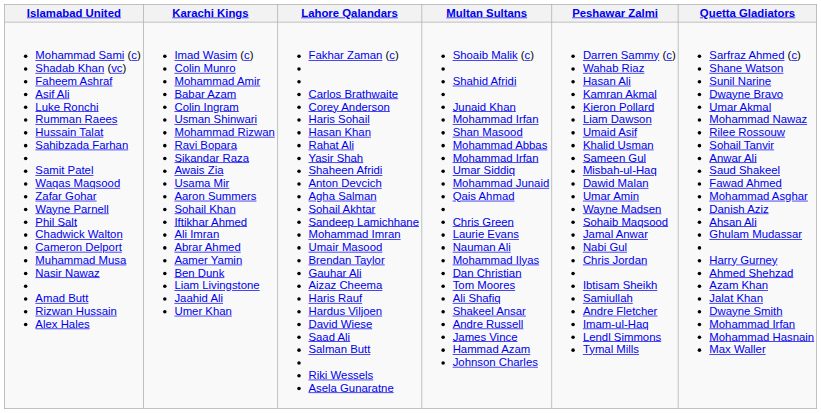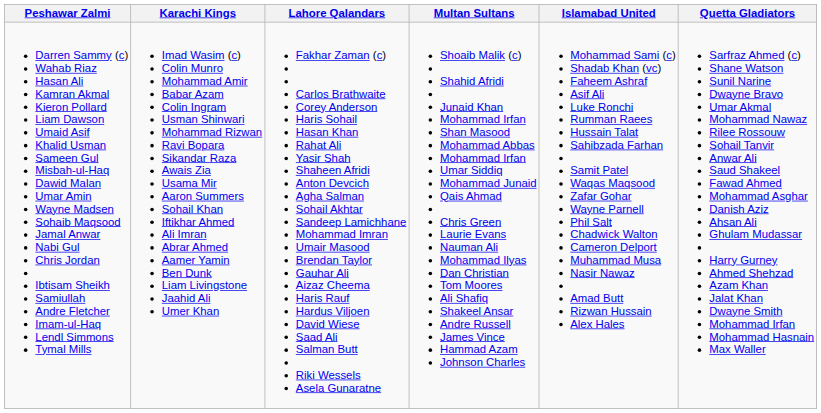 <table class="wikitable">
 <tr>
-<th><a href='#'>Islamabad United</a></th>
+<th><a href='#'>Peshawar Zalmi</a></th>
 <th><a href='#'>Karachi Kings</a></th>
 <th><a href='#'>Lahore Qalandars</a></th>
 <th><a href='#'>Multan Sultans</a></th>
-<th><a href='#'>Peshawar Zalmi</a></th>
+<th><a href='#'>Islamabad United</a></th>
 <th><a href='#'>Quetta Gladiators</a></th>
 </tr>
 <tr>
-<td valign=top><br><ul><li><a href='#'>Mohammad Sami</a> (<a href='#'>c</a>)</li><li><a href='#'>Shadab Khan</a> (<a href='#'>vc</a>)</li><li><a href='#'>Faheem Ashraf</a></li><li><a href='#'>Asif Ali</a></li><li><a href='#'>Luke Ronchi</a></li><li><a href='#'>Rumman Raees</a></li><li><a href='#'>Hussain Talat</a></li><li><a href='#'>Sahibzada Farhan</a></li><li></li><li><a href='#'>Samit Patel</a></li><li><a href='#'>Waqas Maqsood</a></li><li><a href='#'>Zafar Gohar</a></li><li><a href='#'>Wayne Parnell</a></li><li><a href='#'>Phil Salt</a></li><li><a href='#'>Chadwick Walton</a></li><li><a href='#'>Cameron Delport</a></li><li><a href='#'>Muhammad Musa</a></li><li><a href='#'>Nasir Nawaz</a></li><li></li><li><a href='#'>Amad Butt</a></li><li><a href='#'>Rizwan Hussain</a></li><li><a href='#'>Alex Hales</a></li></ul></td>
+<td valign=top><br><ul><li><a href='#'>Darren Sammy</a> (<a href='#'>c</a>)</li><li><a href='#'>Wahab Riaz</a></li><li><a href='#'>Hasan Ali</a></li><li><a href='#'>Kamran Akmal</a></li><li><a href='#'>Kieron Pollard</a></li><li><a href='#'>Liam Dawson</a></li><li><a href='#'>Umaid Asif</a></li><li><a href='#'>Khalid Usman</a></li><li><a href='#'>Sameen Gul</a></li><li><a href='#'>Misbah-ul-Haq</a></li><li><a href='#'>Dawid Malan</a></li><li><a href='#'>Umar Amin</a></li><li><a href='#'>Wayne Madsen</a></li><li><a href='#'>Sohaib Maqsood</a></li><li><a href='#'>Jamal Anwar</a></li><li><a href='#'>Nabi Gul</a></li><li><a href='#'>Chris Jordan</a></li><li></li><li><a href='#'>Ibtisam Sheikh</a></li><li><a href='#'>Samiullah</a></li><li><a href='#'>Andre Fletcher</a></li><li><a href='#'>Imam-ul-Haq</a></li><li><a href='#'>Lendl Simmons</a></li><li><a href='#'>Tymal Mills</a></li></ul></td>
 <td valign=top><br><ul><li><a href='#'>Imad Wasim</a> (<a href='#'>c</a>)</li><li><a href='#'>Colin Munro</a></li><li><a href='#'>Mohammad Amir</a></li><li><a href='#'>Babar Azam</a></li><li><a href='#'>Colin Ingram</a></li><li><a href='#'>Usman Shinwari</a></li><li><a href='#'>Mohammad Rizwan</a></li><li><a href='#'>Ravi Bopara</a></li><li><a href='#'>Sikandar Raza</a></li><li><a href='#'>Awais Zia</a></li><li><a href='#'>Usama Mir</a></li><li><a href='#'>Aaron Summers</a></li><li><a href='#'>Sohail Khan</a></li><li><a href='#'>Iftikhar Ahmed</a></li><li><a href='#'>Ali Imran</a></li><li><a href='#'>Abrar Ahmed</a></li><li><a href='#'>Aamer Yamin</a></li><li><a href='#'>Ben Dunk</a></li><li><a href='#'>Liam Livingstone</a></li><li><a href='#'>Jaahid Ali</a></li><li><a href='#'>Umer Khan</a></li></ul></td>
 <td valign=top><br><ul><li><a href='#'>Fakhar Zaman</a> (<a href='#'>c</a>)</li><li></li><li></li><li><a href='#'>Carlos Brathwaite</a></li><li><a href='#'>Corey Anderson</a></li><li><a href='#'>Haris Sohail</a></li><li><a href='#'>Hasan Khan</a></li><li><a href='#'>Rahat Ali</a></li><li><a href='#'>Yasir Shah</a></li><li><a href='#'>Shaheen Afridi</a></li><li><a href='#'>Anton Devcich</a></li><li><a href='#'>Agha Salman</a></li><li><a href='#'>Sohail Akhtar</a></li><li><a href='#'>Sandeep Lamichhane</a></li><li><a href='#'>Mohammad Imran</a></li><li><a href='#'>Umair Masood</a></li><li><a href='#'>Brendan Taylor</a></li><li><a href='#'>Gauhar Ali</a></li><li><a href='#'>Aizaz Cheema</a></li><li><a href='#'>Haris Rauf</a></li><li><a href='#'>Hardus Viljoen</a></li><li><a href='#'>David Wiese</a></li><li><a href='#'>Saad Ali</a></li><li><a href='#'>Salman Butt</a></li><li></li><li><a href='#'>Riki Wessels</a></li><li><a href='#'>Asela Gunaratne</a></li></ul></td>
 <td valign=top><br><ul><li><a href='#'>Shoaib Malik</a> (<a href='#'>c</a>)</li><li></li><li><a href='#'>Shahid Afridi</a></li><li></li><li><a href='#'>Junaid Khan</a></li><li><a href='#'>Mohammad Irfan</a></li><li><a href='#'>Shan Masood</a></li><li><a href='#'>Mohammad Abbas</a></li><li><a href='#'>Mohammad Irfan</a></li><li><a href='#'>Umar Siddiq</a></li><li><a href='#'>Mohammad Junaid</a></li><li><a href='#'>Qais Ahmad</a></li><li></li><li><a href='#'>Chris Green</a></li><li><a href='#'>Laurie Evans</a></li><li><a href='#'>Nauman Ali</a></li><li><a href='#'>Mohammad Ilyas</a></li><li><a href='#'>Dan Christian</a></li><li><a href='#'>Tom Moores</a></li><li><a href='#'>Ali Shafiq</a></li><li><a href='#'>Shakeel Ansar</a></li><li><a href='#'>Andre Russell</a></li><li><a href='#'>James Vince</a></li><li><a href='#'>Hammad Azam</a></li><li><a href='#'>Johnson Charles</a></li></ul></td>
-<td valign=top><br><ul><li><a href='#'>Darren Sammy</a> (<a href='#'>c</a>)</li><li><a href='#'>Wahab Riaz</a></li><li><a href='#'>Hasan Ali</a></li><li><a href='#'>Kamran Akmal</a></li><li><a href='#'>Kieron Pollard</a></li><li><a href='#'>Liam Dawson</a></li><li><a href='#'>Umaid Asif</a></li><li><a href='#'>Khalid Usman</a></li><li><a href='#'>Sameen Gul</a></li><li><a href='#'>Misbah-ul-Haq</a></li><li><a href='#'>Dawid Malan</a></li><li><a href='#'>Umar Amin</a></li><li><a href='#'>Wayne Madsen</a></li><li><a href='#'>Sohaib Maqsood</a></li><li><a href='#'>Jamal Anwar</a></li><li><a href='#'>Nabi Gul</a></li><li><a href='#'>Chris Jordan</a></li><li></li><li><a href='#'>Ibtisam Sheikh</a></li><li><a href='#'>Samiullah</a></li><li><a href='#'>Andre Fletcher</a></li><li><a href='#'>Imam-ul-Haq</a></li><li><a href='#'>Lendl Simmons</a></li><li><a href='#'>Tymal Mills</a></li></ul></td>
+<td valign=top><br><ul><li><a href='#'>Mohammad Sami</a> (<a href='#'>c</a>)</li><li><a href='#'>Shadab Khan</a> (<a href='#'>vc</a>)</li><li><a href='#'>Faheem Ashraf</a></li><li><a href='#'>Asif Ali</a></li><li><a href='#'>Luke Ronchi</a></li><li><a href='#'>Rumman Raees</a></li><li><a href='#'>Hussain Talat</a></li><li><a href='#'>Sahibzada Farhan</a></li><li></li><li><a href='#'>Samit Patel</a></li><li><a href='#'>Waqas Maqsood</a></li><li><a href='#'>Zafar Gohar</a></li><li><a href='#'>Wayne Parnell</a></li><li><a href='#'>Phil Salt</a></li><li><a href='#'>Chadwick Walton</a></li><li><a href='#'>Cameron Delport</a></li><li><a href='#'>Muhammad Musa</a></li><li><a href='#'>Nasir Nawaz</a></li><li></li><li><a href='#'>Amad Butt</a></li><li><a href='#'>Rizwan Hussain</a></li><li><a href='#'>Alex Hales</a></li></ul></td>
 <td valign=top><br><ul><li><a href='#'>Sarfraz Ahmed</a> (<a href='#'>c</a>)</li><li><a href='#'>Shane Watson</a></li><li><a href='#'>Sunil Narine</a></li><li><a href='#'>Dwayne Bravo</a></li><li><a href='#'>Umar Akmal</a></li><li><a href='#'>Mohammad Nawaz</a></li><li><a href='#'>Rilee Rossouw</a></li><li><a href='#'>Sohail Tanvir</a></li><li><a href='#'>Anwar Ali</a></li><li><a href='#'>Saud Shakeel</a></li><li><a href='#'>Fawad Ahmed</a></li><li><a href='#'>Mohammad Asghar</a></li><li><a href='#'>Danish Aziz</a></li><li><a href='#'>Ahsan Ali</a></li><li><a href='#'>Ghulam Mudassar</a></li><li></li><li><a href='#'>Harry Gurney</a></li><li><a href='#'>Ahmed Shehzad</a></li><li><a href='#'>Azam Khan</a></li><li><a href='#'>Jalat Khan</a></li><li><a href='#'>Dwayne Smith</a></li><li><a href='#'>Mohammad Irfan</a></li><li><a href='#'>Mohammad Hasnain</a></li><li><a href='#'>Max Waller</a></li></ul></td>
 </tr>
 </table>
